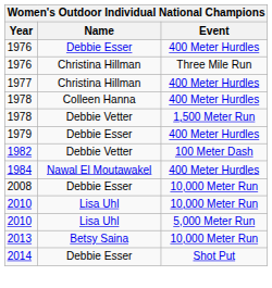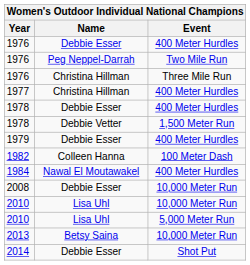 <table class="wikitable">
 <tr>
 <th colspan="3">Women's Outdoor Individual National Champions</th>
 </tr>
 <tr>
 <th scope="col">Year</th>
 <th scope="col">Name</th>
 <th scope="col">Event</th>
 </tr>
 <tr>
 <td>1976</td>
 <td style="text-align: center;"><a href='#'>Debbie Esser</a></td>
 <td style="text-align: center;"><a href='#'>400 Meter Hurdles</a></td>
 </tr>
 <tr>
 <td>1976</td>
+<td style="text-align: center;"><a href='#'>Peg Neppel-Darrah</a></td>
+<td style="text-align: center;"><a href='#'>Two Mile Run</a></td>
+</tr>
+<tr>
+<td>1976</td>
 <td style="text-align: center;">Christina Hillman</td>
 <td style="text-align: center;">Three Mile Run</td>
 </tr>
 <tr>
 <td>1977</td>
 <td style="text-align: center;">Christina Hillman</td>
 <td style="text-align: center;"><a href='#'>400 Meter Hurdles</a></td>
 </tr>
 <tr>
 <td>1978</td>
-<td style="text-align: center;">Colleen Hanna</td>
+<td style="text-align: center;">Debbie Esser</td>
 <td style="text-align: center;"><a href='#'>400 Meter Hurdles</a></td>
 </tr>
 <tr>
 <td>1978</td>
 <td style="text-align: center;">Debbie Vetter</td>
 <td style="text-align: center;"><a href='#'>1,500 Meter Run</a></td>
 </tr>
 <tr>
 <td>1979</td>
 <td style="text-align: center;">Debbie Esser</td>
 <td style="text-align: center;"><a href='#'>400 Meter Hurdles</a></td>
 </tr>
 <tr>
 <td><a href='#'>1982</a></td>
-<td style="text-align: center;">Debbie Vetter</td>
+<td style="text-align: center;">Colleen Hanna</td>
 <td style="text-align: center;"><a href='#'>100 Meter Dash</a></td>
 </tr>
 <tr>
 <td><a href='#'>1984</a></td>
 <td style="text-align: center;"><a href='#'>Nawal El Moutawakel</a></td>
 <td style="text-align: center;"><a href='#'>400 Meter Hurdles</a></td>
 </tr>
 <tr>
 <td>2008</td>
 <td style="text-align: center;">Debbie Esser</td>
 <td style="text-align: center;"><a href='#'>10,000 Meter Run</a></td>
 </tr>
 <tr>
 <td><a href='#'>2010</a></td>
 <td style="text-align: center;"><a href='#'>Lisa Uhl</a></td>
 <td style="text-align: center;"><a href='#'>10,000 Meter Run</a></td>
 </tr>
 <tr>
 <td><a href='#'>2010</a></td>
 <td style="text-align: center;"><a href='#'>Lisa Uhl</a></td>
 <td style="text-align: center;"><a href='#'>5,000 Meter Run</a></td>
 </tr>
 <tr>
 <td><a href='#'>2013</a></td>
 <td style="text-align: center;"><a href='#'>Betsy Saina</a></td>
 <td style="text-align: center;"><a href='#'>10,000 Meter Run</a></td>
 </tr>
 <tr>
 <td><a href='#'>2014</a></td>
 <td style="text-align: center;">Debbie Esser</td>
 <td style="text-align: center;"><a href='#'>Shot Put</a></td>
 </tr>
 </table>
